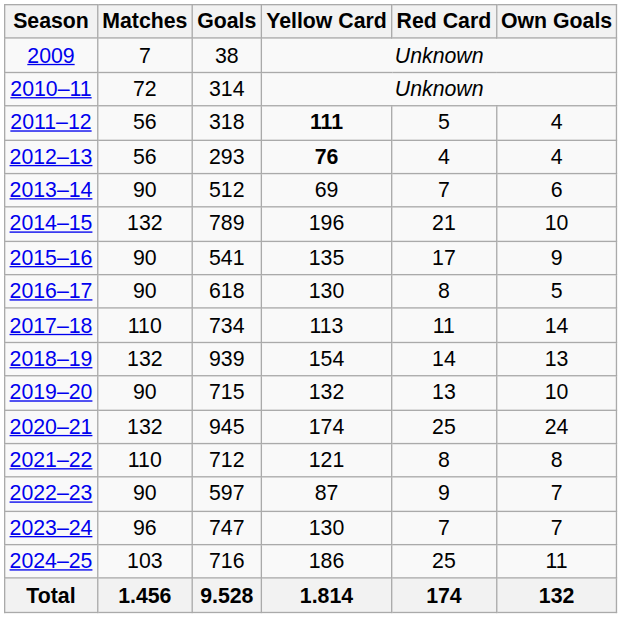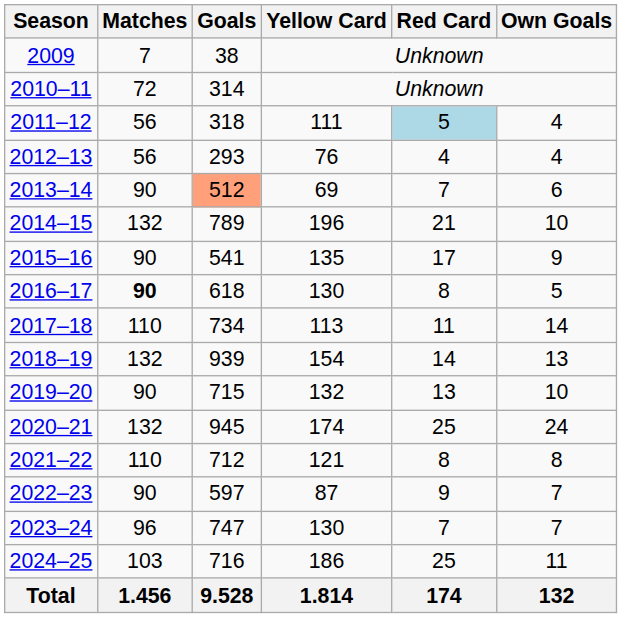 <table class="wikitable sortable" style="text-align:center;">
 <tr>
 <th>Season</th>
 <th>Matches</th>
 <th>Goals</th>
 <th>Yellow Card</th>
 <th>Red Card</th>
 <th>Own Goals</th>
 </tr>
 <tr>
 <td><a href='#'>2009</a></td>
 <td>7</td>
 <td>38</td>
 <td colspan=3><em>Unknown</em></td>
 </tr>
 <tr>
 <td><a href='#'>2010–11</a></td>
 <td>72</td>
 <td>314</td>
 <td colspan=3><em>Unknown</em></td>
 </tr>
 <tr>
 <td><a href='#'>2011–12</a></td>
 <td>56</td>
 <td>318</td>
-<td><strong>111</strong></td>
-<td>5</td>
+<td>111</td>
+<td style="background: lightblue;">5</td>
 <td>4</td>
 </tr>
 <tr>
 <td><a href='#'>2012–13</a></td>
 <td>56</td>
 <td>293</td>
-<td><strong>76</strong></td>
+<td>76</td>
 <td>4</td>
 <td>4</td>
 </tr>
 <tr>
 <td><a href='#'>2013–14</a></td>
 <td>90</td>
-<td>512</td>
+<td style="background: lightsalmon;">512</td>
 <td>69</td>
 <td>7</td>
 <td>6</td>
 </tr>
 <tr>
 <td><a href='#'>2014–15</a></td>
 <td>132</td>
 <td>789</td>
 <td>196</td>
 <td>21</td>
 <td>10</td>
 </tr>
 <tr>
 <td><a href='#'>2015–16</a></td>
 <td>90</td>
 <td>541</td>
 <td>135</td>
 <td>17</td>
 <td>9</td>
 </tr>
 <tr>
 <td><a href='#'>2016–17</a></td>
-<td>90</td>
+<td><strong>90</strong></td>
 <td>618</td>
 <td>130</td>
 <td>8</td>
 <td>5</td>
 </tr>
 <tr>
 <td><a href='#'>2017–18</a></td>
 <td>110</td>
 <td>734</td>
 <td>113</td>
 <td>11</td>
 <td>14</td>
 </tr>
 <tr>
 <td><a href='#'>2018–19</a></td>
 <td>132</td>
 <td>939</td>
 <td>154</td>
 <td>14</td>
 <td>13</td>
 </tr>
 <tr>
 <td><a href='#'>2019–20</a></td>
 <td>90</td>
 <td>715</td>
 <td>132</td>
 <td>13</td>
 <td>10</td>
 </tr>
 <tr>
 <td><a href='#'>2020–21</a></td>
 <td>132</td>
 <td>945</td>
 <td>174</td>
 <td>25</td>
 <td>24</td>
 </tr>
 <tr>
 <td><a href='#'>2021–22</a></td>
 <td>110</td>
 <td>712</td>
 <td>121</td>
 <td>8</td>
 <td>8</td>
 </tr>
 <tr>
 <td><a href='#'>2022–23</a></td>
 <td>90</td>
 <td>597</td>
 <td>87</td>
 <td>9</td>
 <td>7</td>
 </tr>
 <tr>
 <td><a href='#'>2023–24</a></td>
 <td>96</td>
 <td>747</td>
 <td>130</td>
 <td>7</td>
 <td>7</td>
 </tr>
 <tr>
 <td><a href='#'>2024–25</a></td>
 <td>103</td>
 <td>716</td>
 <td>186</td>
 <td>25</td>
 <td>11</td>
 </tr>
 <tr>
 <th colspan="1">Total</th>
 <th>1.456</th>
 <th>9.528</th>
 <th>1.814</th>
 <th>174</th>
 <th>132</th>
 </tr>
 </table>
